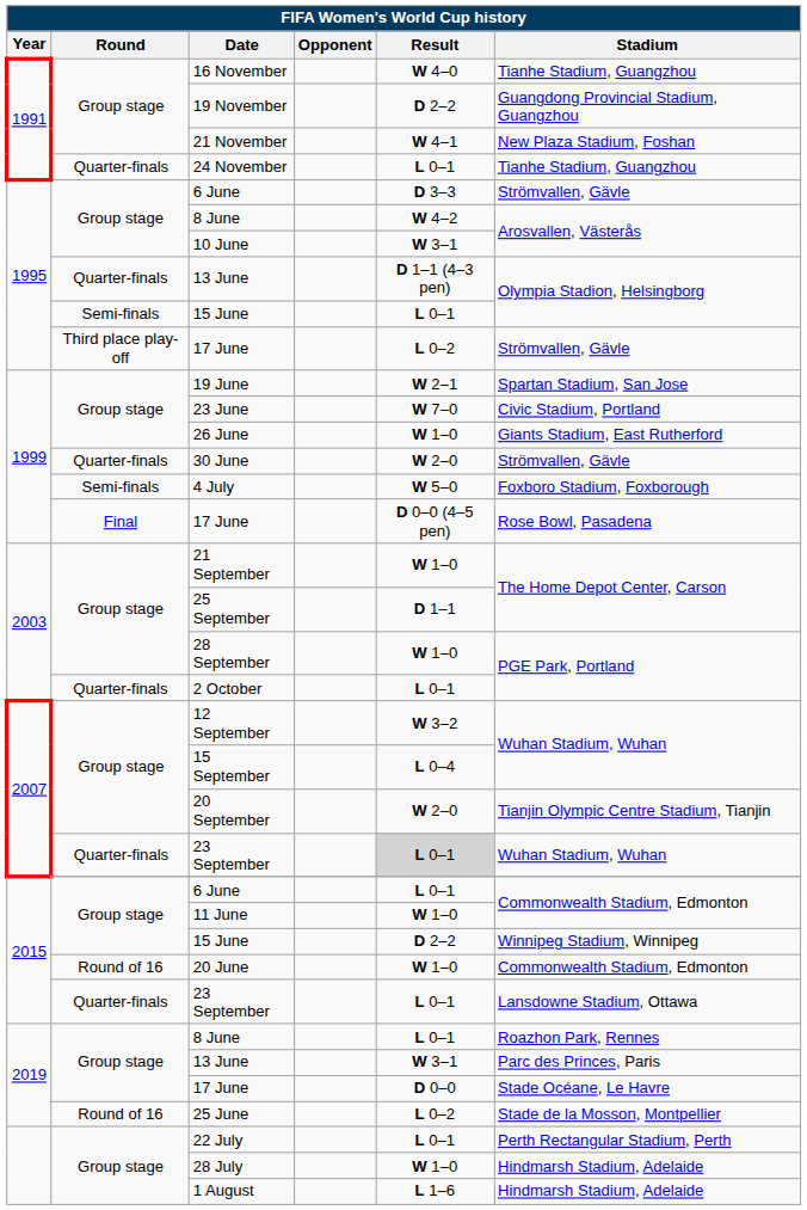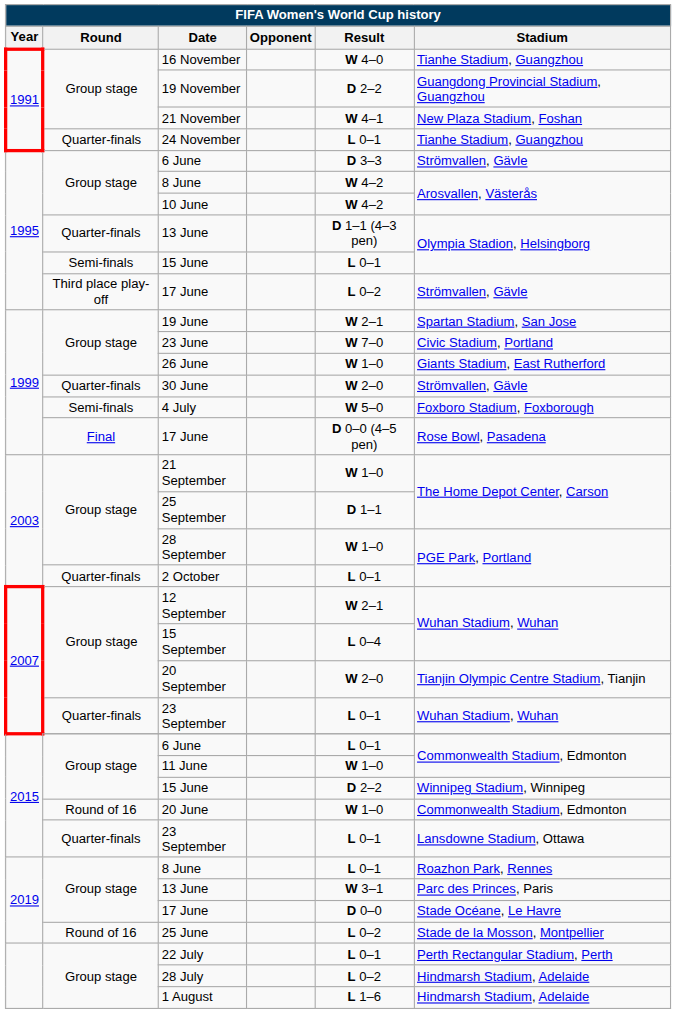 <table class="wikitable" style="text-align: center;font-size:75%;">
 <tr>
 <th colspan=6 style="background: #013A5E; color: #FFFFFF;">FIFA Women's World Cup history</th>
 </tr>
 <tr>
 <th>Year</th>
 <th>Round</th>
 <th>Date</th>
 <th>Opponent</th>
 <th>Result</th>
 <th>Stadium</th>
 </tr>
 <tr>
 <td style="border: 3px solid red" rowspan=4> <a href='#'>1991</a></td>
 <td rowspan=3>Group stage</td>
 <td align="left">16 November</td>
 <td align="left"></td>
 <td><strong>W</strong> 4–0</td>
 <td align="left"><a href='#'>Tianhe Stadium</a>, <a href='#'>Guangzhou</a></td>
 </tr>
 <tr>
 <td align="left">19 November</td>
 <td align="left"></td>
 <td><strong>D</strong> 2–2</td>
 <td align="left"><a href='#'>Guangdong Provincial Stadium</a>, <a href='#'>Guangzhou</a></td>
 </tr>
 <tr>
 <td align="left">21 November</td>
 <td align="left"></td>
 <td><strong>W</strong> 4–1</td>
 <td align="left"><a href='#'>New Plaza Stadium</a>, <a href='#'>Foshan</a></td>
 </tr>
 <tr>
 <td>Quarter-finals</td>
 <td align="left">24 November</td>
 <td align="left"></td>
 <td><strong>L</strong> 0–1</td>
 <td align="left"><a href='#'>Tianhe Stadium</a>, <a href='#'>Guangzhou</a></td>
 </tr>
 <tr>
 <td rowspan=6> <a href='#'>1995</a></td>
 <td rowspan=3>Group stage</td>
 <td align="left">6 June</td>
 <td align="left"></td>
 <td><strong>D</strong> 3–3</td>
 <td align="left"><a href='#'>Strömvallen</a>, <a href='#'>Gävle</a></td>
 </tr>
 <tr>
 <td align="left">8 June</td>
 <td align="left"></td>
 <td><strong>W</strong> 4–2</td>
 <td rowspan=2 align="left"><a href='#'>Arosvallen</a>, <a href='#'>Västerås</a></td>
 </tr>
 <tr>
 <td align="left">10 June</td>
 <td align="left"></td>
-<td><strong>W</strong> 3–1</td>
+<td><strong>W</strong> 4–2</td>
 </tr>
 <tr>
 <td>Quarter-finals</td>
 <td align="left">13 June</td>
 <td align="left"></td>
 <td><strong>D</strong> 1–1 (4–3 pen)</td>
 <td rowspan=2 align="left"><a href='#'>Olympia Stadion</a>, <a href='#'>Helsingborg</a></td>
 </tr>
 <tr>
 <td>Semi-finals</td>
 <td align="left">15 June</td>
 <td align="left"></td>
 <td><strong>L</strong> 0–1</td>
 </tr>
 <tr>
 <td>Third place play-off</td>
 <td align="left">17 June</td>
 <td align="left"></td>
 <td><strong>L</strong> 0–2</td>
 <td align="left"><a href='#'>Strömvallen</a>, <a href='#'>Gävle</a></td>
 </tr>
 <tr>
 <td rowspan=6> <a href='#'>1999</a></td>
 <td rowspan=3>Group stage</td>
 <td align="left">19 June</td>
 <td align="left"></td>
 <td><strong>W</strong> 2–1</td>
 <td align="left"><a href='#'>Spartan Stadium</a>, <a href='#'>San Jose</a></td>
 </tr>
 <tr>
 <td align="left">23 June</td>
 <td align="left"></td>
 <td><strong>W</strong> 7–0</td>
 <td align="left"><a href='#'>Civic Stadium</a>, <a href='#'>Portland</a></td>
 </tr>
 <tr>
 <td align="left">26 June</td>
 <td align="left"></td>
 <td><strong>W</strong> 1–0</td>
 <td align="left"><a href='#'>Giants Stadium</a>, <a href='#'>East Rutherford</a></td>
 </tr>
 <tr>
 <td>Quarter-finals</td>
 <td align="left">30 June</td>
 <td align="left"></td>
 <td><strong>W</strong> 2–0</td>
 <td align="left"><a href='#'>Strömvallen</a>, <a href='#'>Gävle</a></td>
 </tr>
 <tr>
 <td>Semi-finals</td>
 <td align="left">4 July</td>
 <td align="left"></td>
 <td><strong>W</strong> 5–0</td>
 <td align="left"><a href='#'>Foxboro Stadium</a>, <a href='#'>Foxborough</a></td>
 </tr>
 <tr>
 <td><a href='#'>Final</a></td>
 <td align="left">17 June</td>
 <td align="left"></td>
 <td><strong>D</strong> 0–0 (4–5 pen)</td>
 <td align="left"><a href='#'>Rose Bowl</a>, <a href='#'>Pasadena</a></td>
 </tr>
 <tr>
 <td rowspan=4> <a href='#'>2003</a></td>
 <td rowspan=3>Group stage</td>
 <td align="left">21 September</td>
 <td align="left"></td>
 <td><strong>W</strong> 1–0</td>
 <td rowspan=2 align="left"><a href='#'>The Home Depot Center</a>, <a href='#'>Carson</a></td>
 </tr>
 <tr>
 <td align="left">25 September</td>
 <td align="left"></td>
 <td><strong>D</strong> 1–1</td>
 </tr>
 <tr>
 <td align="left">28 September</td>
 <td align="left"></td>
 <td><strong>W</strong> 1–0</td>
 <td rowspan=2 align="left"><a href='#'>PGE Park</a>, <a href='#'>Portland</a></td>
 </tr>
 <tr>
 <td>Quarter-finals</td>
 <td align="left">2 October</td>
 <td align="left"></td>
 <td><strong>L</strong> 0–1</td>
 </tr>
 <tr>
 <td style="border: 3px solid red" rowspan=4> <a href='#'>2007</a></td>
 <td rowspan=3>Group stage</td>
 <td align="left">12 September</td>
 <td align="left"></td>
-<td><strong>W</strong> 3–2</td>
+<td><strong>W</strong> 2–1</td>
 <td rowspan=2 align="left"><a href='#'>Wuhan Stadium</a>, <a href='#'>Wuhan</a></td>
 </tr>
 <tr>
 <td align="left">15 September</td>
 <td align="left"></td>
 <td><strong>L</strong> 0–4</td>
 </tr>
 <tr>
 <td align="left">20 September</td>
 <td align="left"></td>
 <td><strong>W</strong> 2–0</td>
 <td align="left"><a href='#'>Tianjin Olympic Centre Stadium</a>, Tianjin</td>
 </tr>
 <tr>
 <td>Quarter-finals</td>
 <td align="left">23 September</td>
 <td align="left"></td>
-<td style="background: lightgrey;"><strong>L</strong> 0–1</td>
+<td><strong>L</strong> 0–1</td>
 <td align="left"><a href='#'>Wuhan Stadium</a>, <a href='#'>Wuhan</a></td>
 </tr>
 <tr>
 <td rowspan=6> <a href='#'>2015</a></td>
 </tr>
 <tr>
 <td rowspan=3>Group stage</td>
 <td align="left">6 June</td>
 <td align="left"></td>
 <td><strong>L</strong> 0–1</td>
 <td rowspan=2 align="left"><a href='#'>Commonwealth Stadium</a>, Edmonton</td>
 </tr>
 <tr>
 <td align="left">11 June</td>
 <td align="left"></td>
 <td><strong>W</strong> 1–0</td>
 </tr>
 <tr>
 <td align="left">15 June</td>
 <td align="left"></td>
 <td><strong>D</strong> 2–2</td>
 <td align="left"><a href='#'>Winnipeg Stadium</a>, Winnipeg</td>
 </tr>
 <tr>
 <td>Round of 16</td>
 <td align="left">20 June</td>
 <td align="left"></td>
 <td><strong>W</strong> 1–0</td>
 <td align="left"><a href='#'>Commonwealth Stadium</a>, Edmonton</td>
 </tr>
 <tr>
 <td>Quarter-finals</td>
 <td align="left">23 September</td>
 <td align="left"></td>
 <td><strong>L</strong> 0–1</td>
 <td align="left"><a href='#'>Lansdowne Stadium</a>, Ottawa</td>
 </tr>
 <tr>
 <td rowspan=4> <a href='#'>2019</a></td>
 <td rowspan=3>Group stage</td>
 <td align="left">8 June</td>
 <td align="left"></td>
 <td><strong>L</strong> 0–1</td>
 <td align="left"><a href='#'>Roazhon Park</a>, <a href='#'>Rennes</a></td>
 </tr>
 <tr>
 <td align="left">13 June</td>
 <td align="left"></td>
 <td><strong>W</strong> 3–1</td>
 <td align="left"><a href='#'>Parc des Princes</a>, Paris</td>
 </tr>
 <tr>
 <td align="left">17 June</td>
 <td align="left"></td>
 <td><strong>D</strong> 0–0</td>
 <td align="left"><a href='#'>Stade Océane</a>, <a href='#'>Le Havre</a></td>
 </tr>
 <tr>
 <td>Round of 16</td>
 <td align="left">25 June</td>
 <td align="left"></td>
 <td><strong>L</strong> 0–2</td>
 <td align="left"><a href='#'>Stade de la Mosson</a>, <a href='#'>Montpellier</a></td>
 </tr>
 <tr>
 <td rowspan=3></td>
 <td rowspan=3>Group stage</td>
 <td align="left">22 July</td>
 <td align="left"></td>
 <td><strong>L</strong> 0–1</td>
 <td align="left"><a href='#'>Perth Rectangular Stadium</a>, <a href='#'>Perth</a></td>
 </tr>
 <tr>
 <td align="left">28 July</td>
 <td align="left"></td>
-<td><strong>W</strong> 1–0</td>
+<td><strong>L</strong> 0–2</td>
 <td align="left"><a href='#'>Hindmarsh Stadium</a>, <a href='#'>Adelaide</a></td>
 </tr>
 <tr>
 <td align="left">1 August</td>
 <td align="left"></td>
 <td><strong>L</strong> 1–6</td>
 <td align="left"><a href='#'>Hindmarsh Stadium</a>, <a href='#'>Adelaide</a></td>
 </tr>
 </table>
